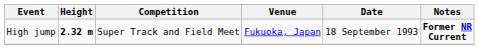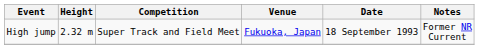 <table class="wikitable" style=text-align:center>
 <tr>
 <th>Event</th>
 <th>Height</th>
 <th>Competition</th>
 <th>Venue</th>
 <th>Date</th>
 <th>Notes</th>
 </tr>
 <tr>
 <td>High jump</td>
-<td><strong>2.32 m</strong></td>
+<td>2.32 m</td>
 <td>Super Track and Field Meet</td>
 <td><a href='#'>Fukuoka, Japan</a></td>
 <td>18 September 1993</td>
-<td><strong>Former <a href='#'>NR</a><br>Current </strong></td>
+<td>Former <a href='#'>NR</a><br>Current </td>
 </tr>
 <tr>
 </tr>
 </table>
